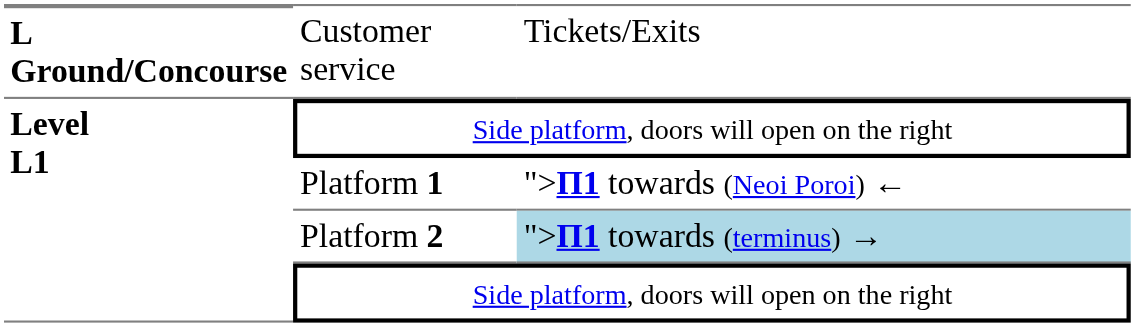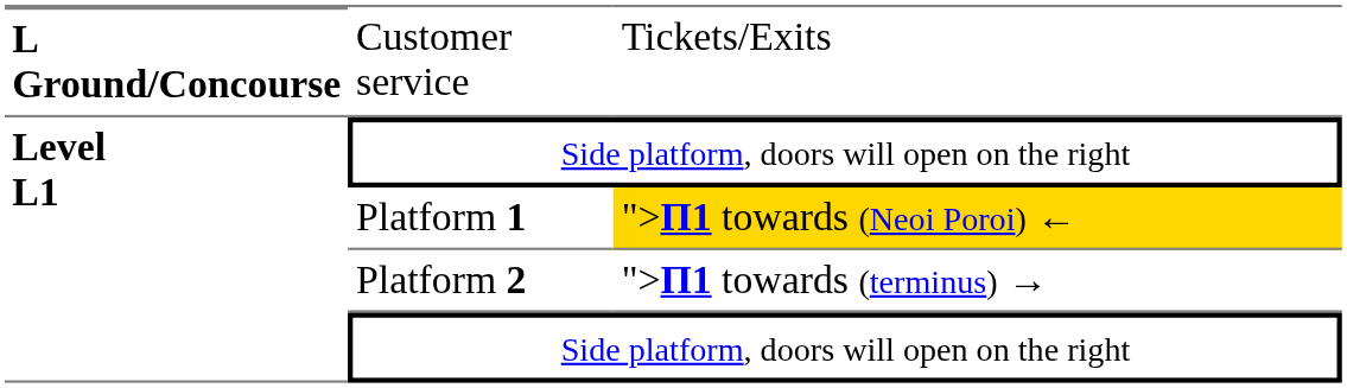 <table table border=0 cellspacing=0 cellpadding=3>
 <tr>
 <td style="border-bottom:solid 1px gray;border-top:solid 2px gray;" width=50 valign=top><strong>L<br>Ground/Concourse</strong></td>
 <td style="border-top:solid 1px gray;border-bottom:solid 1px gray;" width=100 valign=top>Customer service</td>
 <td style="border-top:solid 1px gray;border-bottom:solid 1px gray;" width=285 valign=top>Tickets/Exits</td>
 </tr>
 <tr>
 <td style="border-bottom:solid 1px gray;" rowspan=4 valign=top><strong>Level<br>L1</strong></td>
 <td style="border-top:solid 2px black;border-right:solid 2px black;border-left:solid 2px black;border-bottom:solid 2px black;text-align:center;" colspan=2><small><a href='#'>Side platform</a>, doors will open on the right</small></td>
 </tr>
 <tr>
 <td style="border-bottom:solid 1px gray;">Platform <span><strong>1</strong></span></td>
-<td style="border-bottom:solid 1px gray;"><span>"><a href='#'><span><strong>Π1</strong></span></a></span>  towards  <small>(<a href='#'>Neoi Poroi</a>)</small> ←</td>
+<td style="background: gold; border-bottom:solid 1px gray;"><span>"><a href='#'><span><strong>Π1</strong></span></a></span>  towards  <small>(<a href='#'>Neoi Poroi</a>)</small> ←</td>
 </tr>
 <tr>
 <td style="border-bottom:solid 1px gray;">Platform <span><strong>2</strong></span></td>
-<td style="background: lightblue; border-bottom:solid 1px gray;"><span>"><a href='#'><span><strong>Π1</strong></span></a></span>  towards  <small>(<a href='#'>terminus</a>)</small> →</td>
+<td style="border-bottom:solid 1px gray;"><span>"><a href='#'><span><strong>Π1</strong></span></a></span>  towards  <small>(<a href='#'>terminus</a>)</small> →</td>
 </tr>
 <tr>
 <td style="border-top:solid 2px black;border-left:solid 2px black;border-right:solid 2px black;border-bottom:solid 2px black;text-align:center;" colspan=2><small><a href='#'>Side platform</a>, doors will open on the right</small></td>
 </tr>
 </table>
